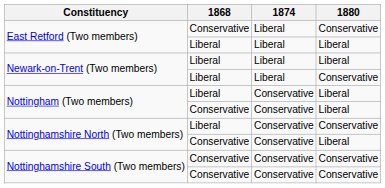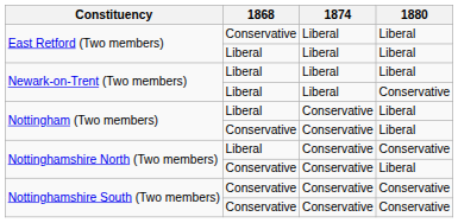 <table class="wikitable">
 <tr>
 <th>Constituency</th>
 <th>1868</th>
 <th>1874</th>
 <th>1880</th>
 </tr>
 <tr>
 <td rowspan="2"><a href='#'>East Retford</a> (Two members)</td>
 <td>Conservative</td>
 <td>Liberal</td>
-<td>Conservative</td>
+<td>Liberal</td>
 </tr>
 <tr>
 <td>Liberal</td>
 <td>Liberal</td>
 <td>Liberal</td>
 </tr>
 <tr>
 <td rowspan="2"><a href='#'>Newark-on-Trent</a> (Two members)</td>
 <td>Liberal</td>
 <td>Liberal</td>
 <td>Liberal</td>
 </tr>
 <tr>
 <td>Liberal</td>
 <td>Liberal</td>
 <td>Conservative</td>
 </tr>
 <tr>
 <td rowspan="2"><a href='#'>Nottingham</a> (Two members)</td>
 <td>Liberal</td>
 <td>Conservative</td>
 <td>Liberal</td>
 </tr>
 <tr>
 <td>Conservative</td>
 <td>Conservative</td>
 <td>Liberal</td>
 </tr>
 <tr>
 <td rowspan="2"><a href='#'>Nottinghamshire North</a> (Two members)</td>
 <td>Liberal</td>
 <td>Conservative</td>
 <td>Conservative</td>
 </tr>
 <tr>
 <td>Conservative</td>
 <td>Conservative</td>
 <td>Liberal</td>
 </tr>
 <tr>
 <td rowspan="2"><a href='#'>Nottinghamshire South</a> (Two members)</td>
 <td>Conservative</td>
 <td>Conservative</td>
 <td>Conservative</td>
 </tr>
 <tr>
 <td>Conservative</td>
 <td>Conservative</td>
 <td>Conservative</td>
 </tr>
 </table>
